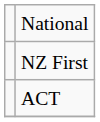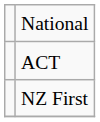 <table class=wikitable>
 <tr>
 <td></td>
 <td><small>National</small></td>
 </tr>
 <tr>
 <td></td>
-<td><small>NZ First</small></td>
+<td><small>ACT</small></td>
 </tr>
 <tr>
 <td></td>
-<td><small>ACT</small></td>
+<td><small>NZ First</small></td>
 </tr>
 <tr>
 </tr>
 </table>
